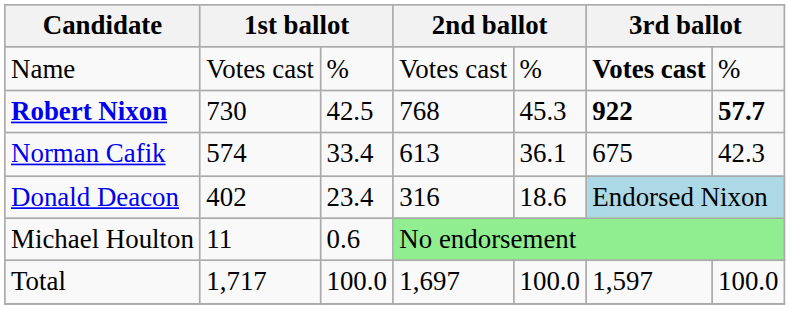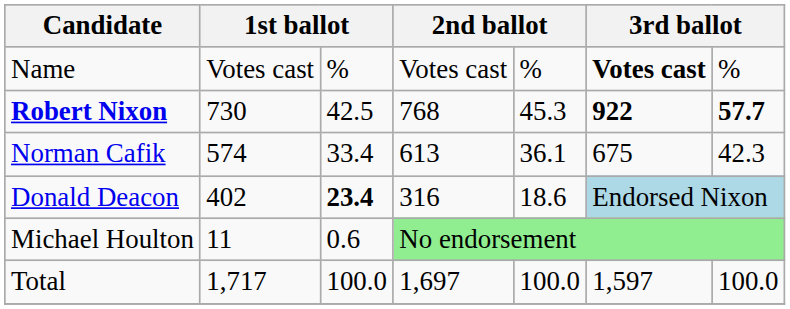 <table class="wikitable">
 <tr>
 <th colspan = "1">Candidate</th>
 <th colspan = "2">1st ballot</th>
 <th colspan = "2">2nd ballot</th>
 <th colspan = "2">3rd ballot</th>
 </tr>
 <tr>
 <td>Name</td>
 <td>Votes cast</td>
 <td>%</td>
 <td>Votes cast</td>
 <td>%</td>
 <td><strong>Votes cast</strong></td>
 <td>%</td>
 </tr>
 <tr>
 <td><strong><a href='#'>Robert Nixon</a></strong></td>
 <td>730</td>
 <td>42.5</td>
 <td>768</td>
 <td>45.3</td>
 <td><strong>922</strong></td>
 <td><strong>57.7</strong></td>
 </tr>
 <tr>
 <td><a href='#'>Norman Cafik</a></td>
 <td>574</td>
 <td>33.4</td>
 <td>613</td>
 <td>36.1</td>
 <td>675</td>
 <td>42.3</td>
 </tr>
 <tr>
 <td><a href='#'>Donald Deacon</a></td>
 <td>402</td>
-<td>23.4</td>
+<td><strong>23.4</strong></td>
 <td>316</td>
 <td>18.6</td>
 <td style="text-align:left;background:lightblue" colspan = "2">Endorsed Nixon</td>
 </tr>
 <tr>
 <td>Michael Houlton</td>
 <td>11</td>
 <td>0.6</td>
 <td style="text-align:left;background:lightgreen" colspan = "4">No endorsement</td>
 </tr>
 <tr>
 <td>Total</td>
 <td>1,717</td>
 <td>100.0</td>
 <td>1,697</td>
 <td>100.0</td>
 <td>1,597</td>
 <td>100.0</td>
 </tr>
 <tr>
 </tr>
 </table>
